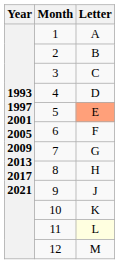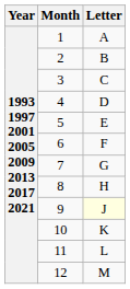 <table class="wikitable" style="float:left; margin-right:2em;">
 <tr>
 <th>Year</th>
 <th>Month</th>
 <th>Letter</th>
 </tr>
 <tr style="text-align:center;">
 <th rowspan="12">1993<br>1997<br>2001<br>2005<br>2009<br>2013<br>2017<br>2021</th>
 <td>1</td>
 <td>A</td>
 </tr>
 <tr style="text-align:center;">
 <td>2</td>
 <td>B</td>
 </tr>
 <tr style="text-align:center;">
 <td>3</td>
 <td>C</td>
 </tr>
 <tr style="text-align:center;">
 <td>4</td>
 <td>D</td>
 </tr>
 <tr style="text-align:center;">
 <td>5</td>
-<td style="background: lightsalmon;">E</td>
+<td>E</td>
 </tr>
 <tr style="text-align:center;">
 <td>6</td>
 <td>F</td>
 </tr>
 <tr style="text-align:center;">
 <td>7</td>
 <td>G</td>
 </tr>
 <tr style="text-align:center;">
 <td>8</td>
 <td>H</td>
 </tr>
 <tr style="text-align:center;">
 <td>9</td>
-<td>J</td>
+<td style="background: lightyellow;">J</td>
 </tr>
 <tr style="text-align:center;">
 <td>10</td>
 <td>K</td>
 </tr>
 <tr style="text-align:center;">
 <td>11</td>
-<td style="background: lightyellow;">L</td>
+<td>L</td>
 </tr>
 <tr style="text-align:center;">
 <td>12</td>
 <td>M</td>
 </tr>
 </table>
